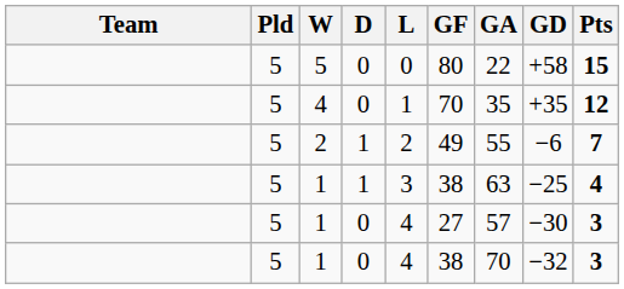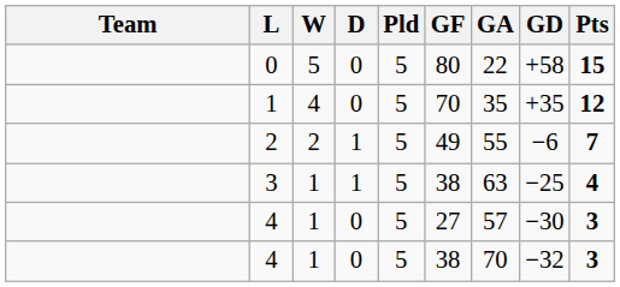 <table class="wikitable" style="text-align:center;">
 <tr>
 <th width=150>Team</th>
-<th width=20>Pld</th>
+<th width=20>L</th>
 <th width=20>W</th>
 <th width=20>D</th>
-<th width=20>L</th>
+<th width=20>Pld</th>
 <th width=20>GF</th>
 <th width=20>GA</th>
 <th width=20>GD</th>
 <th width=20>Pts</th>
 </tr>
 <tr>
 <td align="left"></td>
-<td>5</td>
+<td>0</td>
 <td>5</td>
 <td>0</td>
-<td>0</td>
+<td>5</td>
 <td>80</td>
 <td>22</td>
 <td>+58</td>
 <td><strong>15</strong></td>
 </tr>
 <tr>
 <td align="left"></td>
-<td>5</td>
+<td>1</td>
 <td>4</td>
 <td>0</td>
-<td>1</td>
+<td>5</td>
 <td>70</td>
 <td>35</td>
 <td>+35</td>
 <td><strong>12</strong></td>
 </tr>
 <tr>
 <td align="left"></td>
-<td>5</td>
+<td>2</td>
 <td>2</td>
 <td>1</td>
-<td>2</td>
+<td>5</td>
 <td>49</td>
 <td>55</td>
 <td>−6</td>
 <td><strong>7</strong></td>
 </tr>
 <tr>
 <td align="left"></td>
-<td>5</td>
+<td>3</td>
 <td>1</td>
 <td>1</td>
-<td>3</td>
+<td>5</td>
 <td>38</td>
 <td>63</td>
 <td>−25</td>
 <td><strong>4</strong></td>
 </tr>
 <tr>
 <td align="left"></td>
-<td>5</td>
+<td>4</td>
 <td>1</td>
 <td>0</td>
-<td>4</td>
+<td>5</td>
 <td>27</td>
 <td>57</td>
 <td>−30</td>
 <td><strong>3</strong></td>
 </tr>
 <tr>
 <td align="left"></td>
-<td>5</td>
+<td>4</td>
 <td>1</td>
 <td>0</td>
-<td>4</td>
+<td>5</td>
 <td>38</td>
 <td>70</td>
 <td>−32</td>
 <td><strong>3</strong></td>
 </tr>
 </table>
